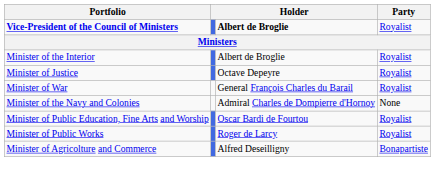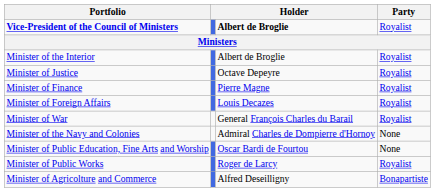 <table class="wikitable">
 <tr>
 <th>Portfolio</th>
 <th colspan=2>Holder</th>
 <th>Party</th>
 </tr>
 <tr>
 <td><strong><a href='#'>Vice-President of the Council of Ministers</a></strong></td>
 <td style="background:#4169E1;"></td>
 <td><strong>Albert de Broglie</strong></td>
 <td><a href='#'>Royalist</a></td>
 </tr>
 <tr>
 <th colspan=4 align=center><a href='#'>Ministers</a></th>
 </tr>
 <tr>
 <td><a href='#'>Minister of the Interior</a></td>
 <td style="background:#4169E1;"></td>
 <td>Albert de Broglie</td>
 <td><a href='#'>Royalist</a></td>
 </tr>
 <tr>
 <td><a href='#'>Minister of Justice</a></td>
 <td style="background:#4169E1;"></td>
 <td>Octave Depeyre</td>
 <td><a href='#'>Royalist</a></td>
 </tr>
 <tr>
+<td><a href='#'>Minister of Finance</a></td>
+<td style="background:#4169E1;"></td>
+<td><a href='#'>Pierre Magne</a></td>
+<td><a href='#'>Royalist</a></td>
+</tr>
+<tr>
+<td><a href='#'>Minister of Foreign Affairs</a></td>
+<td style="background:#4169E1;"></td>
+<td><a href='#'>Louis Decazes</a></td>
+<td><a href='#'>Royalist</a></td>
+</tr>
+<tr>
 <td><a href='#'>Minister of War</a></td>
 <td style="background:"></td>
 <td>General <a href='#'>François Charles du Barail</a></td>
 <td><a href='#'>Royalist</a></td>
 </tr>
 <tr>
 <td><a href='#'>Minister of the Navy and Colonies</a></td>
 <td style="background:"></td>
 <td>Admiral <a href='#'>Charles de Dompierre d'Hornoy</a></td>
 <td>None</td>
 </tr>
 <tr>
 <td><a href='#'>Minister of Public Education, Fine Arts</a> <a href='#'>and Worship</a></td>
 <td style="background:#4169E1;"></td>
 <td><a href='#'>Oscar Bardi de Fourtou</a></td>
-<td><a href='#'>Royalist</a></td>
+<td>None</td>
 </tr>
 <tr>
 <td><a href='#'>Minister of Public Works</a></td>
 <td style="background:#4169E1;"></td>
 <td><a href='#'>Roger de Larcy</a></td>
 <td><a href='#'>Royalist</a></td>
 </tr>
 <tr>
 <td><a href='#'>Minister of Agricolture</a> <a href='#'>and Commerce</a></td>
 <td style="background:#4169E1;"></td>
 <td>Alfred Deseilligny</td>
 <td><a href='#'>Bonapartiste</a></td>
 </tr>
 </table>
